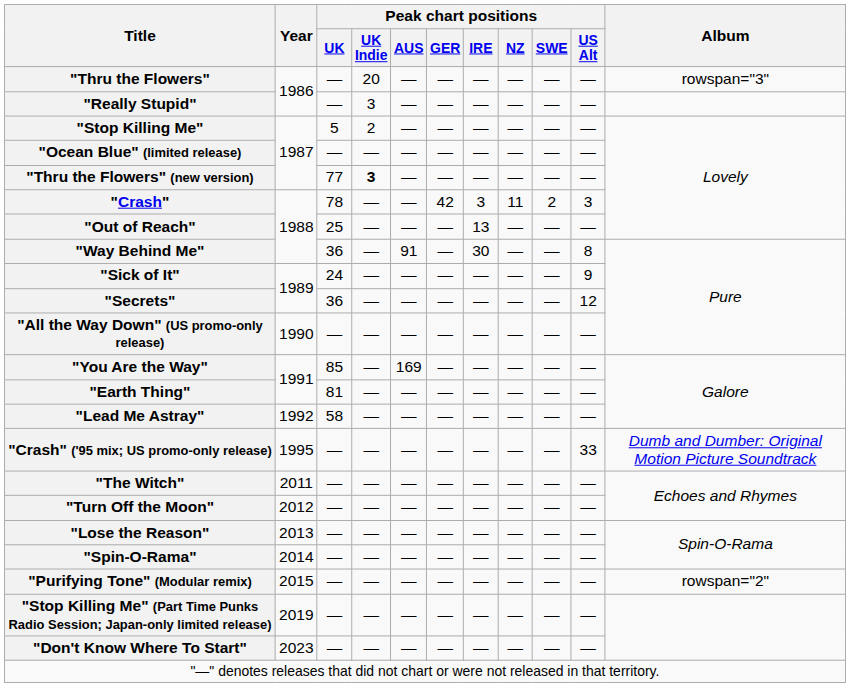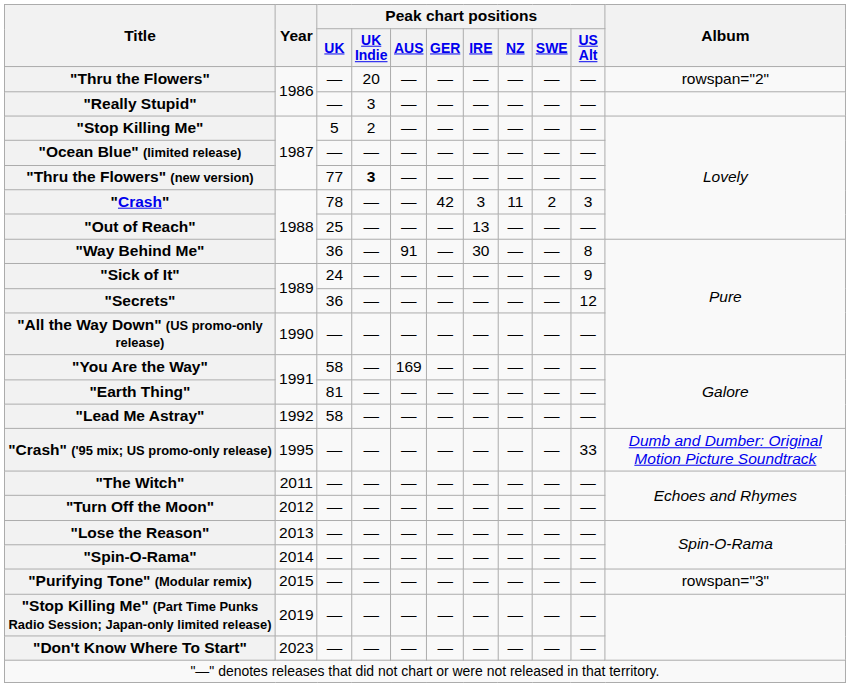 <table class="wikitable plainrowheaders" style="text-align:center;">
 <tr>
 <th rowspan="2" scope="col" style="width:17em;">Title</th>
 <th rowspan="2" scope="col" style="width:2em;">Year</th>
 <th colspan="8">Peak chart positions</th>
 <th rowspan="2" style="width:15em;">Album</th>
 </tr>
 <tr>
 <th scope="col" style="width:2em;font-size:90%;"><a href='#'>UK</a><br></th>
 <th scope="col" style="width:2em;font-size:90%;"><a href='#'>UK Indie</a><br></th>
 <th scope="col" style="width:2em;font-size:90%;"><a href='#'>AUS</a><br></th>
 <th scope="col" style="width:2em;font-size:90%;"><a href='#'>GER</a><br></th>
 <th scope="col" style="width:2em;font-size:90%;"><a href='#'>IRE</a><br></th>
 <th scope="col" style="width:2em;font-size:90%;"><a href='#'>NZ</a><br></th>
 <th scope="col" style="width:2em;font-size:90%;"><a href='#'>SWE</a><br></th>
 <th scope="col" style="width:2em;font-size:90%;"><a href='#'>US Alt</a><br></th>
 </tr>
 <tr>
 <th scope="row">"Thru the Flowers"</th>
 <td rowspan="2">1986</td>
 <td>—</td>
 <td>20</td>
 <td>—</td>
 <td>—</td>
 <td>—</td>
 <td>—</td>
 <td>—</td>
 <td>—</td>
-<td>rowspan="3" </td>
+<td>rowspan="2" </td>
 </tr>
 <tr>
 <th scope="row">"Really Stupid"</th>
 <td>—</td>
 <td>3</td>
 <td>—</td>
 <td>—</td>
 <td>—</td>
 <td>—</td>
 <td>—</td>
 <td>—</td>
 </tr>
 <tr>
 <th scope="row">"Stop Killing Me"</th>
 <td rowspan="3">1987</td>
 <td>5</td>
 <td>2</td>
 <td>—</td>
 <td>—</td>
 <td>—</td>
 <td>—</td>
 <td>—</td>
 <td>—</td>
 <td rowspan="5"><em>Lovely</em></td>
 </tr>
 <tr>
 <th scope="row">"Ocean Blue" <small>(limited release)</small></th>
 <td>—</td>
 <td>—</td>
 <td>—</td>
 <td>—</td>
 <td>—</td>
 <td>—</td>
 <td>—</td>
 <td>—</td>
 </tr>
 <tr>
 <th scope="row">"Thru the Flowers" <small>(new version)</small></th>
 <td>77</td>
 <td><strong>3</strong></td>
 <td>—</td>
 <td>—</td>
 <td>—</td>
 <td>—</td>
 <td>—</td>
 <td>—</td>
 </tr>
 <tr>
 <th scope="row">"<a href='#'>Crash</a>"</th>
 <td rowspan="3">1988</td>
 <td>78</td>
 <td>—</td>
 <td>—</td>
 <td>42</td>
 <td>3</td>
 <td>11</td>
 <td>2</td>
 <td>3</td>
 </tr>
 <tr>
 <th scope="row">"Out of Reach"</th>
 <td>25</td>
 <td>—</td>
 <td>—</td>
 <td>—</td>
 <td>13</td>
 <td>—</td>
 <td>—</td>
 <td>—</td>
 </tr>
 <tr>
 <th scope="row">"Way Behind Me"</th>
 <td>36</td>
 <td>—</td>
 <td>91</td>
 <td>—</td>
 <td>30</td>
 <td>—</td>
 <td>—</td>
 <td>8</td>
 <td rowspan="4"><em>Pure</em></td>
 </tr>
 <tr>
 <th scope="row">"Sick of It"</th>
 <td rowspan="2">1989</td>
 <td>24</td>
 <td>—</td>
 <td>—</td>
 <td>—</td>
 <td>—</td>
 <td>—</td>
 <td>—</td>
 <td>9</td>
 </tr>
 <tr>
 <th scope="row">"Secrets"</th>
 <td>36</td>
 <td>—</td>
 <td>—</td>
 <td>—</td>
 <td>—</td>
 <td>—</td>
 <td>—</td>
 <td>12</td>
 </tr>
 <tr>
 <th scope="row">"All the Way Down" <small>(US promo-only release)</small></th>
 <td>1990</td>
 <td>—</td>
 <td>—</td>
 <td>—</td>
 <td>—</td>
 <td>—</td>
 <td>—</td>
 <td>—</td>
 <td>—</td>
 </tr>
 <tr>
 <th scope="row">"You Are the Way"</th>
 <td rowspan="2">1991</td>
-<td>85</td>
+<td>58</td>
 <td>—</td>
 <td>169</td>
 <td>—</td>
 <td>—</td>
 <td>—</td>
 <td>—</td>
 <td>—</td>
 <td rowspan="3"><em>Galore</em></td>
 </tr>
 <tr>
 <th scope="row">"Earth Thing" </th>
 <td>81</td>
 <td>—</td>
 <td>—</td>
 <td>—</td>
 <td>—</td>
 <td>—</td>
 <td>—</td>
 <td>—</td>
 </tr>
 <tr>
 <th scope="row">"Lead Me Astray"</th>
 <td>1992</td>
 <td>58</td>
 <td>—</td>
 <td>—</td>
 <td>—</td>
 <td>—</td>
 <td>—</td>
 <td>—</td>
 <td>—</td>
 </tr>
 <tr>
 <th scope="row">"Crash" <small>('95 mix; US promo-only release)</small></th>
 <td>1995</td>
 <td>—</td>
 <td>—</td>
 <td>—</td>
 <td>—</td>
 <td>—</td>
 <td>—</td>
 <td>—</td>
 <td>33</td>
 <td><em><a href='#'>Dumb and Dumber: Original Motion Picture Soundtrack</a></em></td>
 </tr>
 <tr>
 <th scope="row">"The Witch"</th>
 <td>2011</td>
 <td>—</td>
 <td>—</td>
 <td>—</td>
 <td>—</td>
 <td>—</td>
 <td>—</td>
 <td>—</td>
 <td>—</td>
 <td rowspan="2"><em>Echoes and Rhymes</em></td>
 </tr>
 <tr>
 <th scope="row">"Turn Off the Moon"</th>
 <td>2012</td>
 <td>—</td>
 <td>—</td>
 <td>—</td>
 <td>—</td>
 <td>—</td>
 <td>—</td>
 <td>—</td>
 <td>—</td>
 </tr>
 <tr>
 <th scope="row">"Lose the Reason"</th>
 <td>2013</td>
 <td>—</td>
 <td>—</td>
 <td>—</td>
 <td>—</td>
 <td>—</td>
 <td>—</td>
 <td>—</td>
 <td>—</td>
 <td rowspan="2"><em>Spin-O-Rama</em></td>
 </tr>
 <tr>
 <th scope="row">"Spin-O-Rama"</th>
 <td>2014</td>
 <td>—</td>
 <td>—</td>
 <td>—</td>
 <td>—</td>
 <td>—</td>
 <td>—</td>
 <td>—</td>
 <td>—</td>
 </tr>
 <tr>
 <th scope="row">"Purifying Tone" <small>(Modular remix)</small> </th>
 <td>2015</td>
 <td>—</td>
 <td>—</td>
 <td>—</td>
 <td>—</td>
 <td>—</td>
 <td>—</td>
 <td>—</td>
 <td>—</td>
-<td>rowspan="2" </td>
+<td>rowspan="3" </td>
 </tr>
 <tr>
 <th scope="row">"Stop Killing Me" <small>(Part Time Punks Radio Session; Japan-only limited release)</small> </th>
 <td>2019</td>
 <td>—</td>
 <td>—</td>
 <td>—</td>
 <td>—</td>
 <td>—</td>
 <td>—</td>
 <td>—</td>
 <td>—</td>
 </tr>
 <tr>
 <th scope="row">"Don't Know Where To Start"</th>
 <td>2023</td>
 <td>—</td>
 <td>—</td>
 <td>—</td>
 <td>—</td>
 <td>—</td>
 <td>—</td>
 <td>—</td>
 <td>—</td>
 </tr>
 <tr>
 <td colspan="11" style="font-size:90%">"—" denotes releases that did not chart or were not released in that territory.</td>
 </tr>
 </table>
